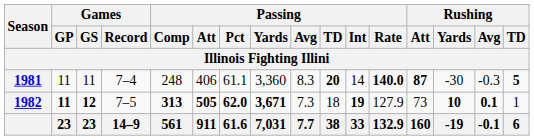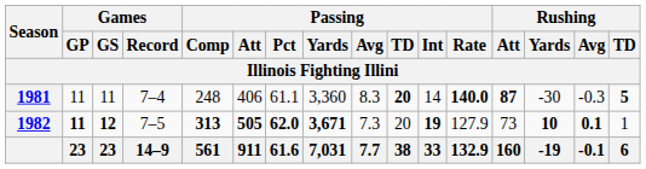 <table class="wikitable" style="text-align:center;">
 <tr>
 <th rowspan="2">Season</th>
 <th colspan="3">Games</th>
 <th colspan="8">Passing</th>
 <th colspan="5">Rushing</th>
 </tr>
 <tr>
 <th>GP</th>
 <th>GS</th>
 <th>Record</th>
 <th>Comp</th>
 <th>Att</th>
 <th>Pct</th>
 <th>Yards</th>
 <th>Avg</th>
 <th>TD</th>
 <th>Int</th>
 <th>Rate</th>
 <th>Att</th>
 <th>Yards</th>
 <th>Avg</th>
 <th>TD</th>
 </tr>
 <tr>
 <th colspan="16">Illinois Fighting Illini</th>
 </tr>
 <tr>
 <th><a href='#'>1981</a></th>
 <td>11</td>
 <td>11</td>
 <td>7–4</td>
 <td>248</td>
 <td>406</td>
 <td>61.1</td>
 <td>3,360</td>
 <td>8.3</td>
 <td><strong>20</strong></td>
 <td>14</td>
 <td><strong>140.0</strong></td>
 <td><strong>87</strong></td>
 <td>-30</td>
 <td>-0.3</td>
 <td><strong>5</strong></td>
 </tr>
 <tr>
 <th><a href='#'>1982</a></th>
 <td><strong>11</strong></td>
 <td><strong>12</strong></td>
 <td>7–5</td>
 <td><strong>313</strong></td>
 <td><strong>505</strong></td>
 <td><strong>62.0</strong></td>
 <td><strong>3,671</strong></td>
 <td>7.3</td>
-<td>18</td>
+<td>20</td>
 <td><strong>19</strong></td>
 <td>127.9</td>
 <td>73</td>
 <td><strong>10</strong></td>
 <td><strong>0.1</strong></td>
 <td>1</td>
 </tr>
 <tr>
 <th></th>
 <th>23</th>
 <th>23</th>
 <th>14–9</th>
 <th>561</th>
 <th>911</th>
 <th>61.6</th>
 <th>7,031</th>
 <th>7.7</th>
 <th>38</th>
 <th>33</th>
 <th>132.9</th>
 <th>160</th>
 <th>-19</th>
 <th>-0.1</th>
 <th>6</th>
 </tr>
 </table>
